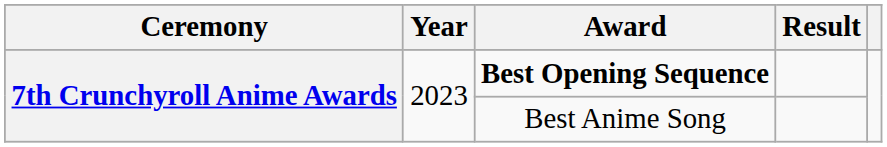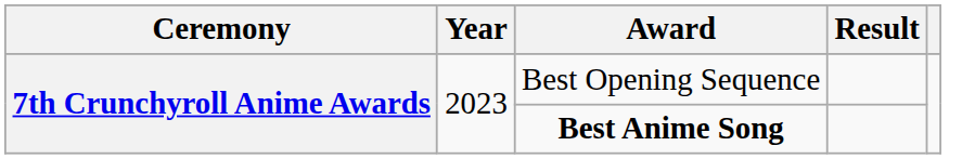 <table class="wikitable sortable plainrowheaders" style=text-align:center>
 <tr>
 <th scope="col">Ceremony</th>
 <th scope="col">Year</th>
 <th scope="col">Award</th>
 <th scope="col">Result</th>
 <th scope="col" class="unsortable"></th>
 </tr>
 <tr>
 <th scope="row" style="text-align:center;" rowspan="2"><a href='#'>7th Crunchyroll Anime Awards</a></th>
 <td style="text-align:center;" rowspan="2">2023</td>
-<td><strong>Best Opening Sequence</strong></td>
+<td>Best Opening Sequence</td>
 <td></td>
 <td style="text-align:center;" rowspan="2"></td>
 </tr>
 <tr>
-<td>Best Anime Song</td>
+<td><strong>Best Anime Song</strong></td>
 <td></td>
 </tr>
 </table>
